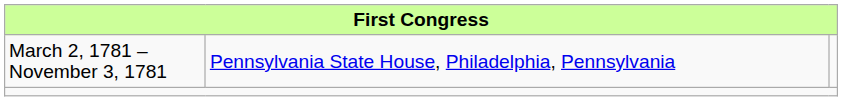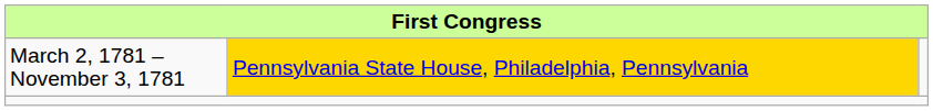 <table class=wikitable>
 <tr>
 <th colspan=3 style="background:#ccff99;">First Congress</th>
 </tr>
 <tr>
 <td style="width: 10em;">March 2, 1781 –November 3, 1781</td>
-<td style="width: 32em;"><a href='#'>Pennsylvania State House</a>, <a href='#'>Philadelphia</a>, <a href='#'>Pennsylvania</a></td>
+<td style="background: gold; width: 32em;"><a href='#'>Pennsylvania State House</a>, <a href='#'>Philadelphia</a>, <a href='#'>Pennsylvania</a></td>
 <td></td>
 </tr>
 <tr>
 <td colspan=3></td>
 </tr>
 </table>
